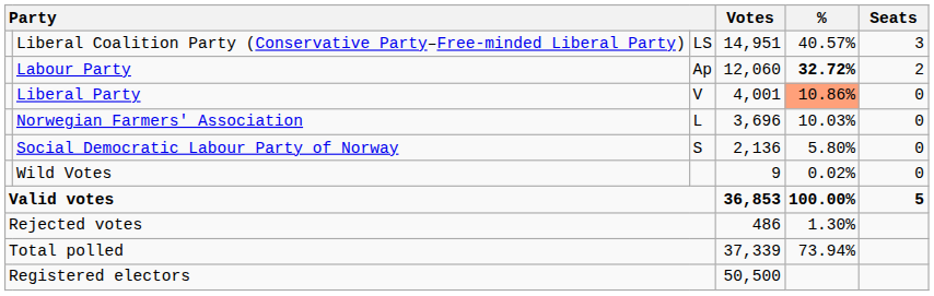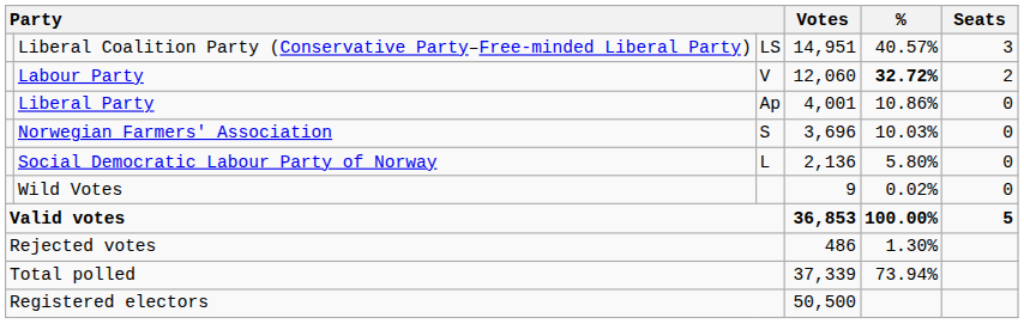 <table class="wikitable" border="1" style="text-align:right;">
 <tr>
 <th style="text-align:left;" colspan=3>Party</th>
 <th align=center width="50">Votes</th>
 <th align=center width="50">%</th>
 <th align=center width="50">Seats</th>
 </tr>
 <tr>
 <td></td>
 <td align=left>Liberal Coalition Party (<a href='#'>Conservative Party</a>–<a href='#'>Free-minded Liberal Party</a>)</td>
 <td align=left>LS</td>
 <td>14,951</td>
 <td>40.57%</td>
 <td>3</td>
 </tr>
 <tr>
 <td style="color:inherit;background:"></td>
 <td align=left><a href='#'>Labour Party</a></td>
-<td align=left>Ap</td>
+<td align=left>V</td>
 <td>12,060</td>
 <td><strong>32.72%</strong></td>
 <td>2</td>
 </tr>
 <tr>
 <td style="color:inherit;background:"></td>
 <td align=left><a href='#'>Liberal Party</a></td>
-<td align=left>V</td>
+<td align=left>Ap</td>
 <td>4,001</td>
-<td style="background: lightsalmon;">10.86%</td>
+<td>10.86%</td>
 <td>0</td>
 </tr>
 <tr>
 <td style="color:inherit;background:"></td>
 <td align=left><a href='#'>Norwegian Farmers' Association</a></td>
-<td align=left>L</td>
+<td align=left>S</td>
 <td>3,696</td>
 <td>10.03%</td>
 <td>0</td>
 </tr>
 <tr>
 <td style="color:inherit;background:"></td>
 <td align=left><a href='#'>Social Democratic Labour Party of Norway</a></td>
-<td align=left>S</td>
+<td align=left>L</td>
 <td>2,136</td>
 <td>5.80%</td>
 <td>0</td>
 </tr>
 <tr>
 <td></td>
 <td align=left>Wild Votes</td>
 <td align=left></td>
 <td>9</td>
 <td>0.02%</td>
 <td>0</td>
 </tr>
 <tr style="font-weight:bold">
 <td align=left colspan=3>Valid votes</td>
 <td>36,853</td>
 <td>100.00%</td>
 <td>5</td>
 </tr>
 <tr>
 <td align=left colspan=3>Rejected votes</td>
 <td>486</td>
 <td>1.30%</td>
 <td></td>
 </tr>
 <tr>
 <td align=left colspan=3>Total polled</td>
 <td>37,339</td>
 <td>73.94%</td>
 <td></td>
 </tr>
 <tr>
 <td align=left colspan=3>Registered electors</td>
 <td>50,500</td>
 <td></td>
 <td></td>
 </tr>
 </table>
